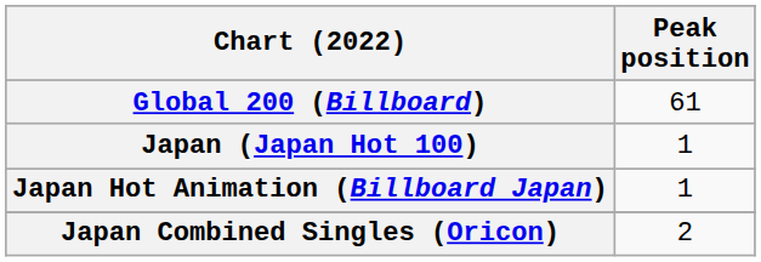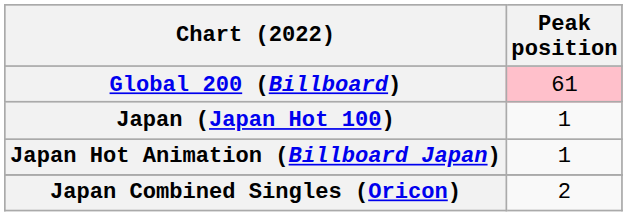 <table class="wikitable sortable plainrowheaders" style="text-align:center">
 <tr>
 <th scope="col">Chart (2022)</th>
 <th scope="col">Peak<br>position</th>
 </tr>
 <tr>
 <th scope="row"><a href='#'>Global 200</a> (<em><a href='#'>Billboard</a></em>)</th>
-<td>61</td>
+<td style="background: pink;">61</td>
 </tr>
 <tr>
 <th scope="row">Japan (<a href='#'>Japan Hot 100</a>)</th>
 <td>1</td>
 </tr>
 <tr>
 <th scope="row">Japan Hot Animation (<em><a href='#'>Billboard Japan</a></em>)</th>
 <td>1</td>
 </tr>
 <tr>
 </tr>
 <tr>
 <th scope="row">Japan Combined Singles (<a href='#'>Oricon</a>)</th>
 <td>2</td>
 </tr>
 </table>
